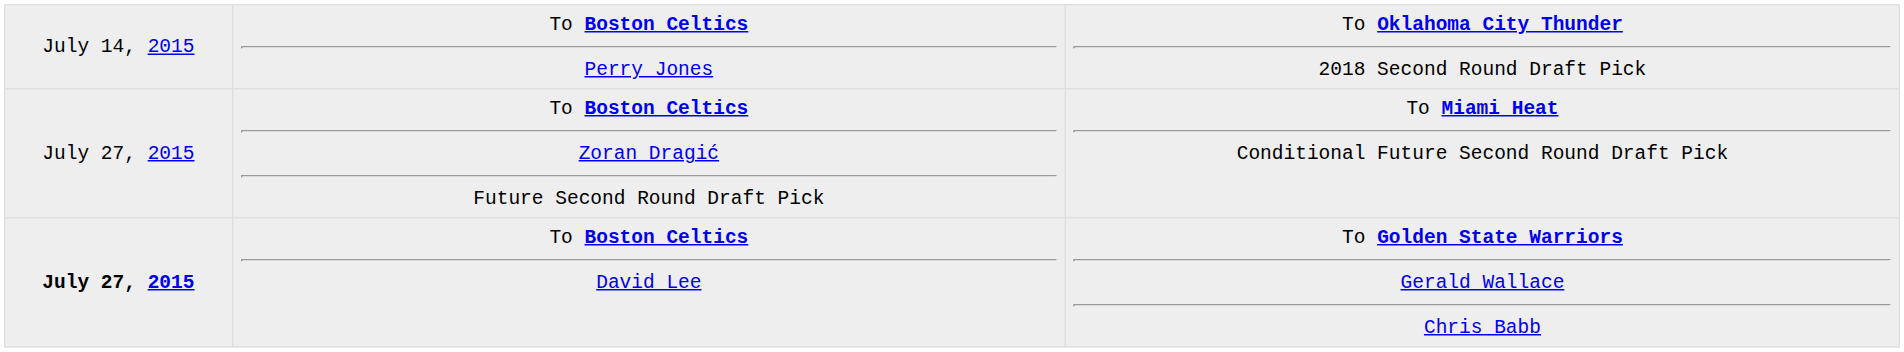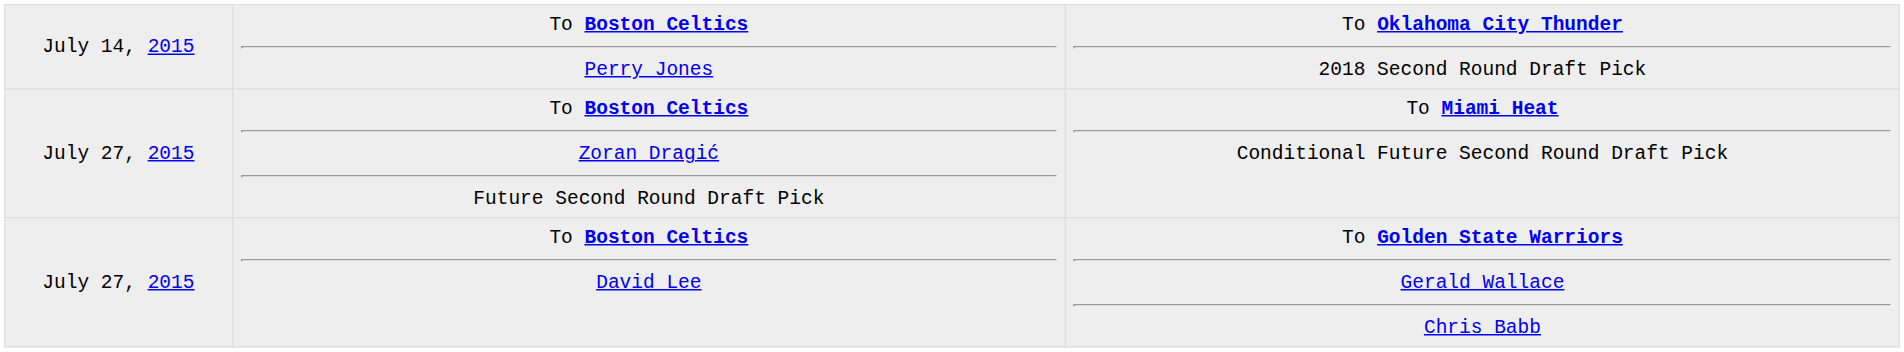 <table border=1 style="border-collapse:collapse; text-align: center; width: 100%" bordercolor="#DFDFDF"  cellpadding="5">
 <tr bgcolor="eeeeee">
 <td style="width:12%">July 14, <a href='#'>2015</a><br></td>
 <td style="width:44%" valign="top">To <strong><a href='#'>Boston Celtics</a></strong><hr><a href='#'>Perry Jones</a></td>
 <td style="width:44%" valign="top">To <strong><a href='#'>Oklahoma City Thunder</a></strong><hr>2018 Second Round Draft Pick</td>
 </tr>
 <tr bgcolor="eeeeee">
 <td style="width:12%">July 27, <a href='#'>2015</a><br></td>
 <td style="width:44%" valign="top">To <strong><a href='#'>Boston Celtics</a></strong><hr><a href='#'>Zoran Dragić</a><hr>Future Second Round Draft Pick</td>
 <td style="width:44%" valign="top">To <strong><a href='#'>Miami Heat</a></strong><hr>Conditional Future Second Round Draft Pick</td>
 </tr>
 <tr bgcolor="eeeeee">
-<td style="width:12%"><strong>July 27, <a href='#'>2015</a><br></strong></td>
+<td style="width:12%">July 27, <a href='#'>2015</a><br></td>
 <td style="width:44%" valign="top">To <strong><a href='#'>Boston Celtics</a></strong><hr><a href='#'>David Lee</a></td>
 <td style="width:44%" valign="top">To <strong><a href='#'>Golden State Warriors</a></strong><hr><a href='#'>Gerald Wallace</a><hr><a href='#'>Chris Babb</a></td>
 </tr>
 </table>
